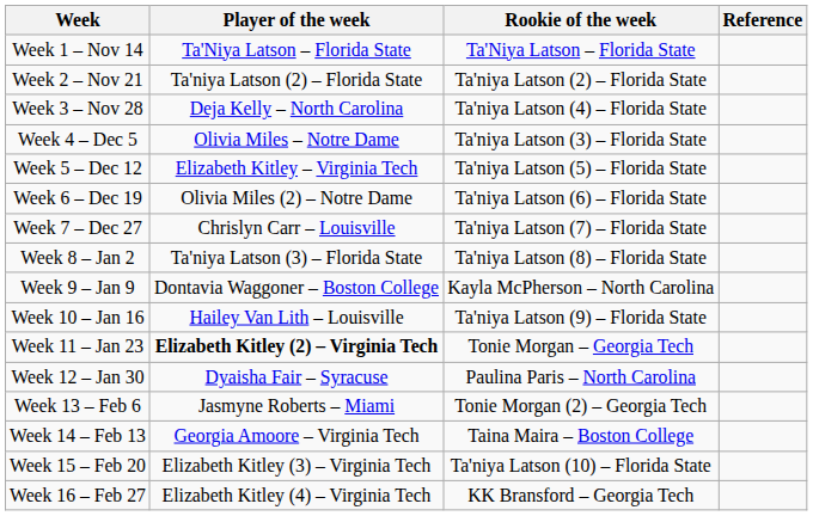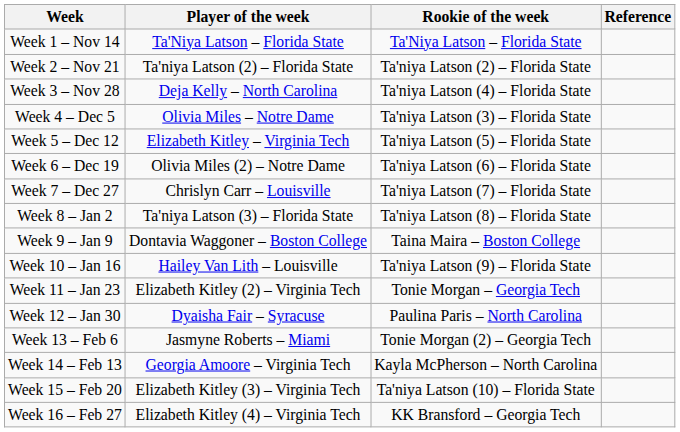 <table class="wikitable" border="1" style="text-align: center;">
 <tr>
 <th>Week</th>
 <th>Player of the week</th>
 <th>Rookie of the week</th>
 <th>Reference</th>
 </tr>
 <tr>
 <td>Week 1 – Nov 14</td>
 <td><a href='#'>Ta'Niya Latson</a> – <a href='#'>Florida State</a></td>
 <td><a href='#'>Ta'Niya Latson</a> – <a href='#'>Florida State</a></td>
 <td></td>
 </tr>
 <tr>
 <td>Week 2 – Nov 21</td>
 <td>Ta'niya Latson (2) – Florida State</td>
 <td>Ta'niya Latson (2) – Florida State</td>
 <td></td>
 </tr>
 <tr>
 <td>Week 3 – Nov 28</td>
 <td><a href='#'>Deja Kelly</a> – <a href='#'>North Carolina</a></td>
 <td>Ta'niya Latson (4) – Florida State</td>
 <td></td>
 </tr>
 <tr>
 <td>Week 4 – Dec 5</td>
 <td><a href='#'>Olivia Miles</a> – <a href='#'>Notre Dame</a></td>
 <td>Ta'niya Latson (3) – Florida State</td>
 <td></td>
 </tr>
 <tr>
 <td>Week 5 – Dec 12</td>
 <td><a href='#'>Elizabeth Kitley</a> – <a href='#'>Virginia Tech</a></td>
 <td>Ta'niya Latson (5) – Florida State</td>
 <td></td>
 </tr>
 <tr>
 <td>Week 6 – Dec 19</td>
 <td>Olivia Miles (2) – Notre Dame</td>
 <td>Ta'niya Latson (6) – Florida State</td>
 <td></td>
 </tr>
 <tr>
 <td>Week 7 – Dec 27</td>
 <td>Chrislyn Carr – <a href='#'>Louisville</a></td>
 <td>Ta'niya Latson (7) – Florida State</td>
 <td></td>
 </tr>
 <tr>
 <td>Week 8 – Jan 2</td>
 <td>Ta'niya Latson (3) – Florida State</td>
 <td>Ta'niya Latson (8) – Florida State</td>
 <td></td>
 </tr>
 <tr>
 <td>Week 9 – Jan 9</td>
 <td>Dontavia Waggoner – <a href='#'>Boston College</a></td>
-<td>Kayla McPherson – North Carolina</td>
+<td>Taina Maira – <a href='#'>Boston College</a></td>
 <td></td>
 </tr>
 <tr>
 <td>Week 10 – Jan 16</td>
 <td><a href='#'>Hailey Van Lith</a> – Louisville</td>
 <td>Ta'niya Latson (9) – Florida State</td>
 <td></td>
 </tr>
 <tr>
 <td>Week 11 – Jan 23</td>
-<td><strong>Elizabeth Kitley (2) – Virginia Tech</strong></td>
+<td>Elizabeth Kitley (2) – Virginia Tech</td>
 <td>Tonie Morgan – <a href='#'>Georgia Tech</a></td>
 <td></td>
 </tr>
 <tr>
 <td>Week 12 – Jan 30</td>
 <td><a href='#'>Dyaisha Fair</a> – <a href='#'>Syracuse</a></td>
 <td>Paulina Paris – <a href='#'>North Carolina</a></td>
 <td></td>
 </tr>
 <tr>
 <td>Week 13 – Feb 6</td>
 <td>Jasmyne Roberts – <a href='#'>Miami</a></td>
 <td>Tonie Morgan (2) – Georgia Tech</td>
 <td></td>
 </tr>
 <tr>
 <td>Week 14 – Feb 13</td>
 <td><a href='#'>Georgia Amoore</a> – Virginia Tech</td>
-<td>Taina Maira – <a href='#'>Boston College</a></td>
+<td>Kayla McPherson – North Carolina</td>
 <td></td>
 </tr>
 <tr>
 <td>Week 15 – Feb 20</td>
 <td>Elizabeth Kitley (3) – Virginia Tech</td>
 <td>Ta'niya Latson (10) – Florida State</td>
 <td></td>
 </tr>
 <tr>
 <td>Week 16 – Feb 27</td>
 <td>Elizabeth Kitley (4) – Virginia Tech</td>
 <td>KK Bransford – Georgia Tech</td>
 <td></td>
 </tr>
 </table>
